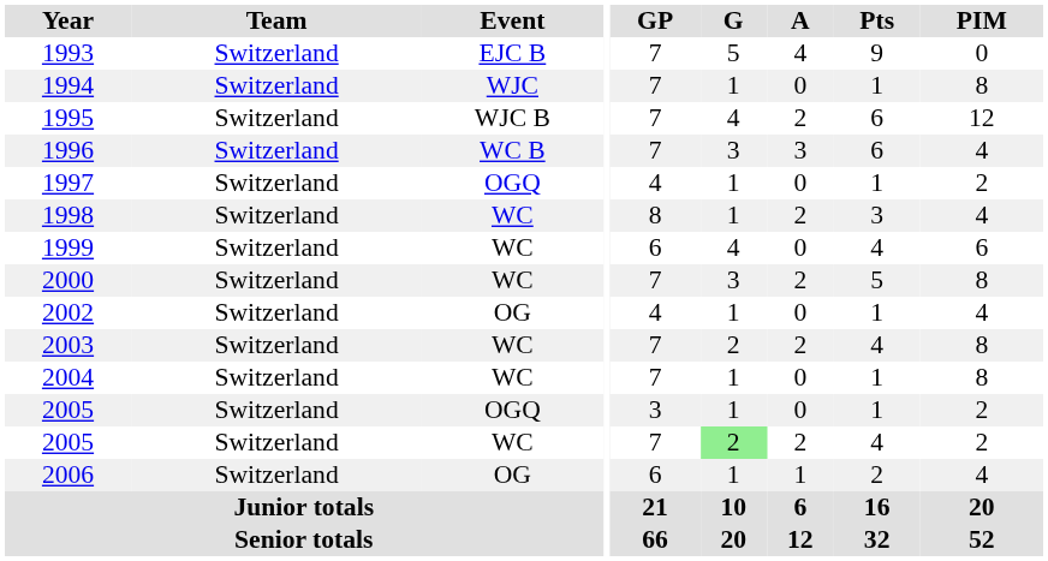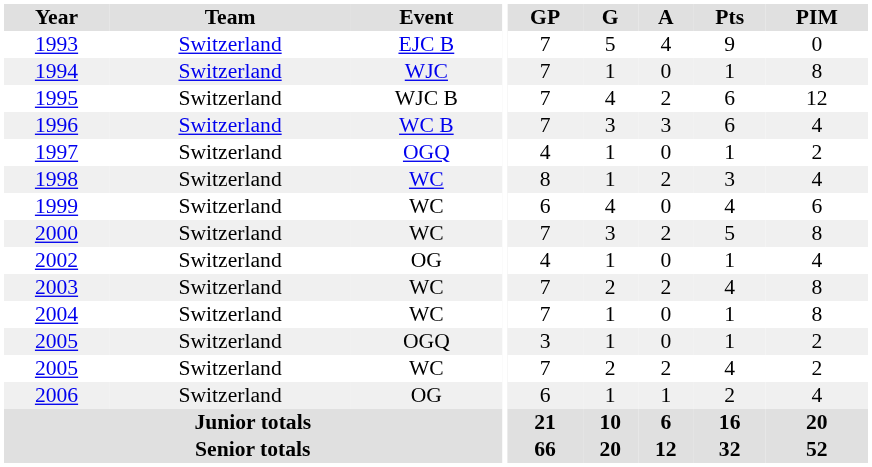 <table border="0" cellpadding="1" cellspacing="0" ID="Table3" style="text-align:center; width:40em">
 <tr ALIGN="center" bgcolor="#e0e0e0">
 <th>Year</th>
 <th>Team</th>
 <th>Event</th>
 <th rowspan="99" bgcolor="#ffffff"></th>
 <th>GP</th>
 <th>G</th>
 <th>A</th>
 <th>Pts</th>
 <th>PIM</th>
 </tr>
 <tr>
 <td><a href='#'>1993</a></td>
 <td><a href='#'>Switzerland</a></td>
 <td><a href='#'>EJC B</a></td>
 <td>7</td>
 <td>5</td>
 <td>4</td>
 <td>9</td>
 <td>0</td>
 </tr>
 <tr bgcolor="#f0f0f0">
 <td><a href='#'>1994</a></td>
 <td><a href='#'>Switzerland</a></td>
 <td><a href='#'>WJC</a></td>
 <td>7</td>
 <td>1</td>
 <td>0</td>
 <td>1</td>
 <td>8</td>
 </tr>
 <tr>
 <td><a href='#'>1995</a></td>
 <td>Switzerland</td>
 <td>WJC B</td>
 <td>7</td>
 <td>4</td>
 <td>2</td>
 <td>6</td>
 <td>12</td>
 </tr>
 <tr bgcolor="#f0f0f0">
 <td><a href='#'>1996</a></td>
 <td><a href='#'>Switzerland</a></td>
 <td><a href='#'>WC B</a></td>
 <td>7</td>
 <td>3</td>
 <td>3</td>
 <td>6</td>
 <td>4</td>
 </tr>
 <tr>
 <td><a href='#'>1997</a></td>
 <td>Switzerland</td>
 <td><a href='#'>OGQ</a></td>
 <td>4</td>
 <td>1</td>
 <td>0</td>
 <td>1</td>
 <td>2</td>
 </tr>
 <tr bgcolor="#f0f0f0">
 <td><a href='#'>1998</a></td>
 <td>Switzerland</td>
 <td><a href='#'>WC</a></td>
 <td>8</td>
 <td>1</td>
 <td>2</td>
 <td>3</td>
 <td>4</td>
 </tr>
 <tr>
 <td><a href='#'>1999</a></td>
 <td>Switzerland</td>
 <td>WC</td>
 <td>6</td>
 <td>4</td>
 <td>0</td>
 <td>4</td>
 <td>6</td>
 </tr>
 <tr bgcolor="#f0f0f0">
 <td><a href='#'>2000</a></td>
 <td>Switzerland</td>
 <td>WC</td>
 <td>7</td>
 <td>3</td>
 <td>2</td>
 <td>5</td>
 <td>8</td>
 </tr>
 <tr>
 <td><a href='#'>2002</a></td>
 <td>Switzerland</td>
 <td>OG</td>
 <td>4</td>
 <td>1</td>
 <td>0</td>
 <td>1</td>
 <td>4</td>
 </tr>
 <tr bgcolor="#f0f0f0">
 <td><a href='#'>2003</a></td>
 <td>Switzerland</td>
 <td>WC</td>
 <td>7</td>
 <td>2</td>
 <td>2</td>
 <td>4</td>
 <td>8</td>
 </tr>
 <tr>
 <td><a href='#'>2004</a></td>
 <td>Switzerland</td>
 <td>WC</td>
 <td>7</td>
 <td>1</td>
 <td>0</td>
 <td>1</td>
 <td>8</td>
 </tr>
 <tr bgcolor="#f0f0f0">
 <td><a href='#'>2005</a></td>
 <td>Switzerland</td>
 <td>OGQ</td>
 <td>3</td>
 <td>1</td>
 <td>0</td>
 <td>1</td>
 <td>2</td>
 </tr>
 <tr>
 <td><a href='#'>2005</a></td>
 <td>Switzerland</td>
 <td>WC</td>
 <td>7</td>
-<td style="background: lightgreen;">2</td>
+<td>2</td>
 <td>2</td>
 <td>4</td>
 <td>2</td>
 </tr>
 <tr bgcolor="#f0f0f0">
 <td><a href='#'>2006</a></td>
 <td>Switzerland</td>
 <td>OG</td>
 <td>6</td>
 <td>1</td>
 <td>1</td>
 <td>2</td>
 <td>4</td>
 </tr>
 <tr bgcolor="#e0e0e0">
 <th colspan="3">Junior totals</th>
 <th>21</th>
 <th>10</th>
 <th>6</th>
 <th>16</th>
 <th>20</th>
 </tr>
 <tr bgcolor="#e0e0e0">
 <th colspan="3">Senior totals</th>
 <th>66</th>
 <th>20</th>
 <th>12</th>
 <th>32</th>
 <th>52</th>
 </tr>
 </table>
